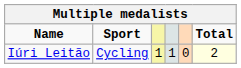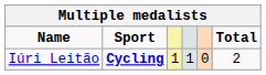 <table class="wikitable" style="font-size:85%;">
 <tr style="background:#efefef;">
 <th colspan=7>Multiple medalists</th>
 </tr>
 <tr align=center>
 <td><strong>Name</strong></td>
 <td><strong>Sport</strong></td>
 <td style="background:#f7f6a8;"></td>
 <td style="background:#dce5e5;"></td>
 <td style="background:#ffdab9;"></td>
 <td><strong>Total</strong></td>
 </tr>
 <tr align=center>
 <td><a href='#'>Iúri Leitão</a></td>
-<td><a href='#'>Cycling</a></td>
+<td><strong><a href='#'>Cycling</a></strong></td>
 <td style="background:#f7f6a8;">1</td>
 <td style="background:#dce5e5;">1</td>
 <td style="background:#ffdab9;">0</td>
-<td style="background: lightyellow;">2</td>
+<td>2</td>
 </tr>
 </table>
